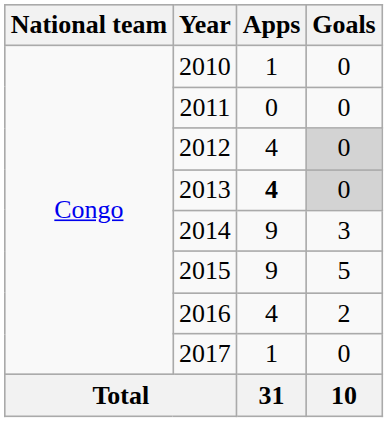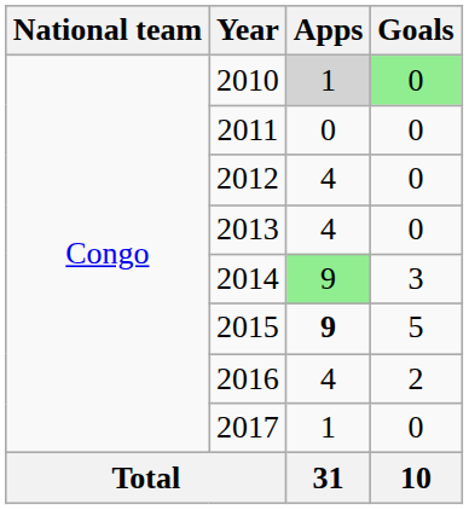 <table class="wikitable" style="text-align:center">
 <tr>
 <th>National team</th>
 <th>Year</th>
 <th>Apps</th>
 <th>Goals</th>
 </tr>
 <tr>
 <td rowspan="8"><a href='#'>Congo</a></td>
 <td>2010</td>
-<td>1</td>
-<td>0</td>
+<td style="background: lightgrey;">1</td>
+<td style="background: lightgreen;">0</td>
 </tr>
 <tr>
 <td>2011</td>
 <td>0</td>
 <td>0</td>
 </tr>
 <tr>
 <td>2012</td>
 <td>4</td>
-<td style="background: lightgrey;">0</td>
+<td>0</td>
 </tr>
 <tr>
 <td>2013</td>
-<td><strong>4</strong></td>
-<td style="background: lightgrey;">0</td>
+<td>4</td>
+<td>0</td>
 </tr>
 <tr>
 <td>2014</td>
-<td>9</td>
+<td style="background: lightgreen;">9</td>
 <td>3</td>
 </tr>
 <tr>
 <td>2015</td>
-<td>9</td>
+<td><strong>9</strong></td>
 <td>5</td>
 </tr>
 <tr>
 <td>2016</td>
 <td>4</td>
 <td>2</td>
 </tr>
 <tr>
 <td>2017</td>
 <td>1</td>
 <td>0</td>
 </tr>
 <tr>
 <th colspan="2">Total</th>
 <th>31</th>
 <th>10</th>
 </tr>
 </table>
